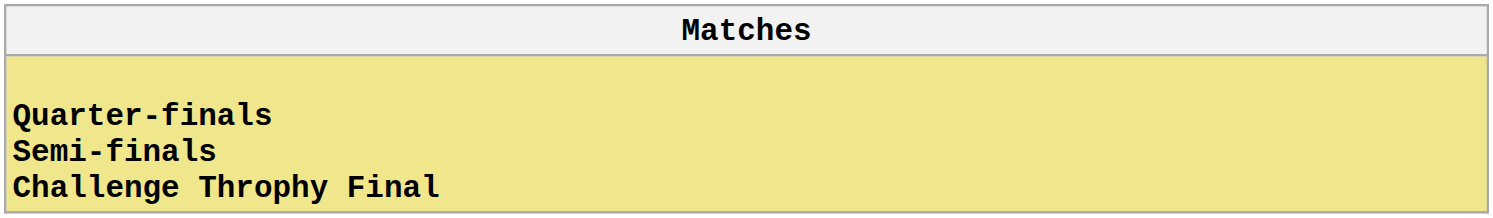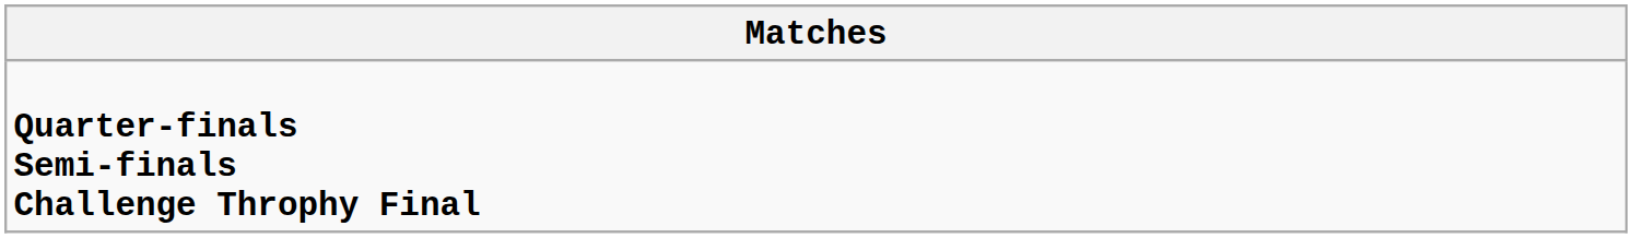 <table class="wikitable collapsible collapsed" style="width:100%;">
 <tr>
 <th>Matches</th>
 </tr>
 <tr>
-<td style="background: khaki;"><br><strong>Quarter-finals</strong>    <br><strong>Semi-finals</strong>  <br><strong>Challenge Throphy Final</strong> </td>
+<td><br><strong>Quarter-finals</strong>    <br><strong>Semi-finals</strong>  <br><strong>Challenge Throphy Final</strong> </td>
 </tr>
 </table>
